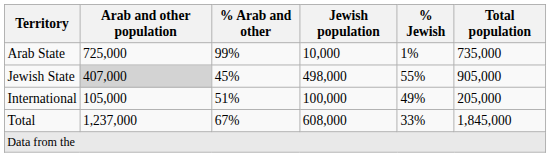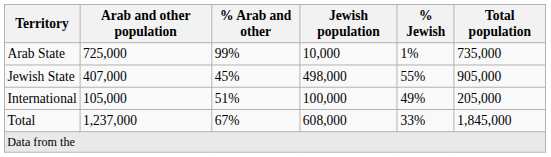 <table class="wikitable" style="font-size: 95%;">
 <tr>
 <th>Territory</th>
 <th>Arab and other population</th>
 <th>% Arab and other</th>
 <th>Jewish population</th>
 <th>% Jewish</th>
 <th>Total population</th>
 </tr>
 <tr>
 <td>Arab State</td>
 <td>725,000</td>
 <td>99%</td>
 <td>10,000</td>
 <td>1%</td>
 <td>735,000</td>
 </tr>
 <tr>
 <td>Jewish State</td>
-<td style="background: lightgrey;">407,000</td>
+<td>407,000</td>
 <td>45%</td>
 <td>498,000</td>
 <td>55%</td>
 <td>905,000</td>
 </tr>
 <tr>
 <td>International</td>
 <td>105,000</td>
 <td>51%</td>
 <td>100,000</td>
 <td>49%</td>
 <td>205,000</td>
 </tr>
 <tr>
 <td>Total</td>
 <td>1,237,000</td>
 <td>67%</td>
 <td>608,000</td>
 <td>33%</td>
 <td>1,845,000</td>
 </tr>
 <tr>
 <td colspan ="7" style="background: #E9E9E9; font-size: 90%">Data from the </td>
 </tr>
 </table>
